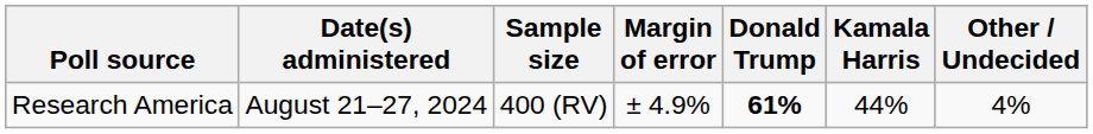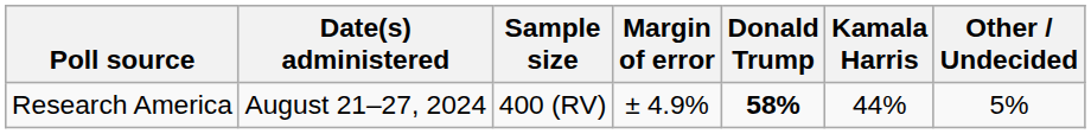 <table class="wikitable sortable mw-datatable" style="font-size:90%;text-align:center;line-height:17px">
 <tr valign=bottom>
 <th>Poll source</th>
 <th>Date(s)<br>administered</th>
 <th>Sample<br>size</th>
 <th>Margin<br>of error</th>
 <th class="unsortable">Donald<br>Trump<br></th>
 <th class="unsortable">Kamala<br>Harris<br></th>
 <th class="unsortable">Other /<br>Undecided</th>
 </tr>
 <tr>
 <td style="text-align:left;">Research America</td>
 <td>August 21–27, 2024</td>
 <td>400 (RV)</td>
 <td>± 4.9%</td>
-<td style="background-color:"><strong>61%</strong></td>
+<td style="background-color:"><strong>58%</strong></td>
 <td>44%</td>
-<td>4%</td>
+<td>5%</td>
 </tr>
 </table>
